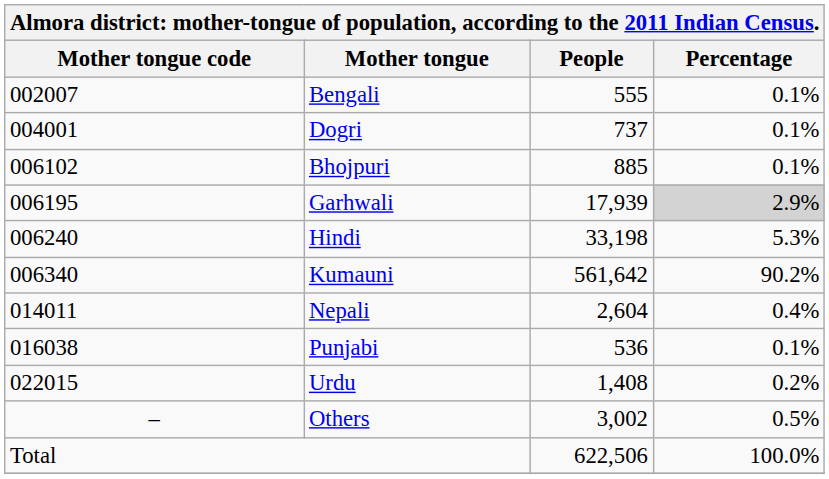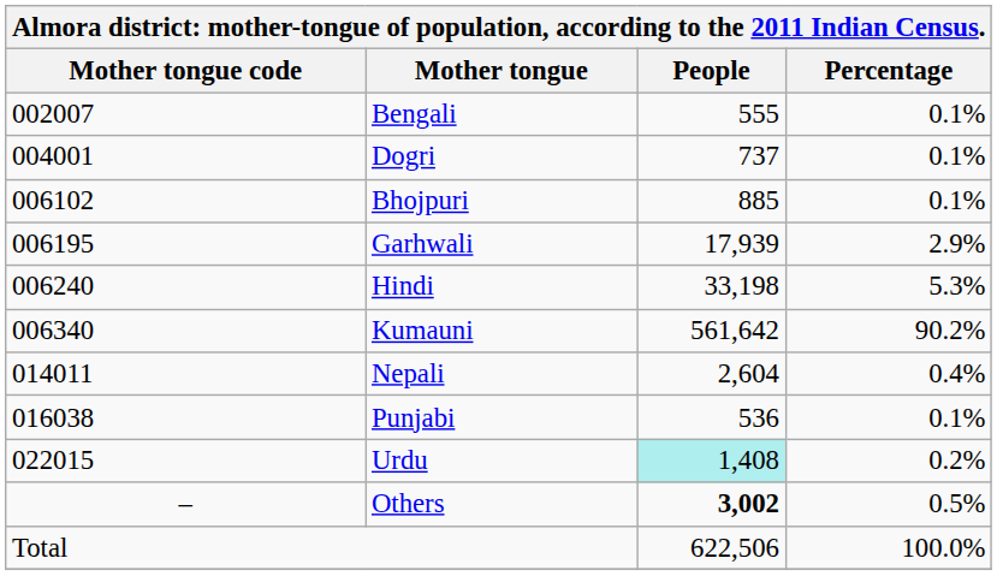 <table class="wikitable sortable mw-collapsible mw-collapsed">
 <tr valign=top>
 <th colspan=4>Almora district: mother-tongue of population, according to the <a href='#'>2011 Indian Census</a>.</th>
 </tr>
 <tr valign=top>
 <th>Mother tongue code</th>
 <th>Mother tongue</th>
 <th>People</th>
 <th>Percentage</th>
 </tr>
 <tr valign=top>
 <td>002007</td>
 <td><a href='#'>Bengali</a></td>
 <td align=right>555</td>
 <td align=right>0.1%</td>
 </tr>
 <tr valign=top>
 <td>004001</td>
 <td><a href='#'>Dogri</a></td>
 <td align=right>737</td>
 <td align=right>0.1%</td>
 </tr>
 <tr valign=top>
 <td>006102</td>
 <td><a href='#'>Bhojpuri</a></td>
 <td align=right>885</td>
 <td align=right>0.1%</td>
 </tr>
 <tr valign=top>
 <td>006195</td>
 <td><a href='#'>Garhwali</a></td>
 <td align=right>17,939</td>
-<td align=right style="background: lightgrey;">2.9%</td>
+<td align=right>2.9%</td>
 </tr>
 <tr valign=top>
 <td>006240</td>
 <td><a href='#'>Hindi</a></td>
 <td align=right>33,198</td>
 <td align=right>5.3%</td>
 </tr>
 <tr valign=top>
 <td>006340</td>
 <td><a href='#'>Kumauni</a></td>
 <td align=right>561,642</td>
 <td align=right>90.2%</td>
 </tr>
 <tr valign=top>
 <td>014011</td>
 <td><a href='#'>Nepali</a></td>
 <td align=right>2,604</td>
 <td align=right>0.4%</td>
 </tr>
 <tr valign=top>
 <td>016038</td>
 <td><a href='#'>Punjabi</a></td>
 <td align=right>536</td>
 <td align=right>0.1%</td>
 </tr>
 <tr valign=top>
 <td>022015</td>
 <td><a href='#'>Urdu</a></td>
-<td align=right>1,408</td>
+<td align=right style="background: paleturquoise;">1,408</td>
 <td align=right>0.2%</td>
 </tr>
 <tr valign=top>
 <td align=center>–</td>
 <td><a href='#'>Others</a></td>
-<td align=right>3,002</td>
+<td align=right><strong>3,002</strong></td>
 <td align=right>0.5%</td>
 </tr>
 <tr valign=top class=sortbottom>
 <td colspan=2>Total</td>
 <td align=right>622,506</td>
 <td align=right>100.0%</td>
 </tr>
 <tr>
 </tr>
 </table>
